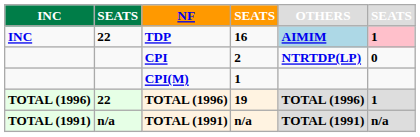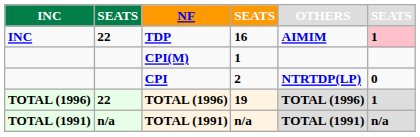 <table class="wikitable" style="font-weight: bold; font-size: x-small; font-family: verdana">
 <tr>
 <th style="background-color:#007D48; color:white">INC</th>
 <th style="background-color:#007D48; color:white">SEATS</th>
 <th style="background-color:#FF9900; color:white"><a href='#'>NF</a></th>
 <th style="background-color:#FF9900; color:white">SEATS</th>
 <th style="background-color:#DDDDDD; color:white">OTHERS</th>
 <th style="background-color:#DDDDDD; color:white">SEATS</th>
 </tr>
 <tr --->
 <td><a href='#'>INC</a></td>
 <td>22</td>
 <td><a href='#'>TDP</a></td>
 <td>16</td>
-<td style="background: lightblue;"><a href='#'>AIMIM</a></td>
+<td><a href='#'>AIMIM</a></td>
 <td style="background: pink;">1</td>
+</tr>
+<tr --->
+<td></td>
+<td></td>
+<td><a href='#'>CPI(M)</a></td>
+<td>1</td>
+<td></td>
+<td></td>
 </tr>
 <tr --->
 <td></td>
 <td></td>
 <td><a href='#'>CPI</a></td>
 <td>2</td>
 <td><a href='#'>NTRTDP(LP)</a></td>
 <td>0</td>
-</tr>
-<tr --->
-<td></td>
-<td></td>
-<td><a href='#'>CPI(M)</a></td>
-<td>1</td>
-<td></td>
-<td></td>
 </tr>
 <tr --->
 <td bgcolor=#E6FFE6>TOTAL (1996)</td>
 <td bgcolor=#E6FFE6>22</td>
 <td bgcolor=#FFF3E1>TOTAL (1996)</td>
 <td bgcolor=#FFF3E1>19</td>
 <td bgcolor=#DDDDDD>TOTAL (1996)</td>
 <td bgcolor=#DDDDDD>1</td>
 </tr>
 <tr --->
 <td bgcolor=#E6FFE6>TOTAL (1991)</td>
 <td bgcolor=#E6FFE6>n/a</td>
 <td bgcolor=#FFF3E1>TOTAL (1991)</td>
 <td bgcolor=#FFF3E1>n/a</td>
 <td bgcolor=#DDDDDD>TOTAL (1991)</td>
 <td bgcolor=#DDDDDD>n/a</td>
 </tr>
 </table>
